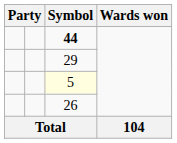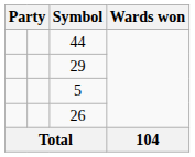 <table class="wikitable sortable" style="text-align:center">
 <tr>
 <th colspan=2>Party</th>
 <th>Symbol</th>
 <th>Wards won</th>
 </tr>
 <tr>
 <td></td>
 <td></td>
-<td><strong>44</strong></td>
+<td>44</td>
 </tr>
 <tr>
 <td></td>
 <td></td>
 <td>29</td>
 </tr>
 <tr>
 <td></td>
 <td></td>
-<td style="background: lightyellow;">5</td>
+<td>5</td>
 </tr>
 <tr>
 <td></td>
 <td></td>
 <td>26</td>
 </tr>
 <tr>
 <th colspan="3">Total</th>
 <th>104</th>
 </tr>
 </table>
